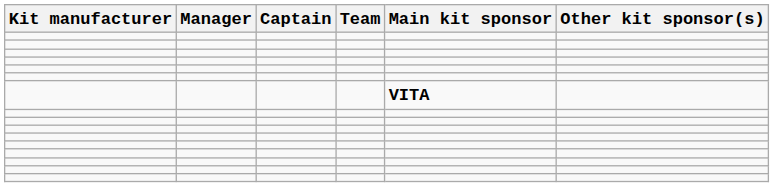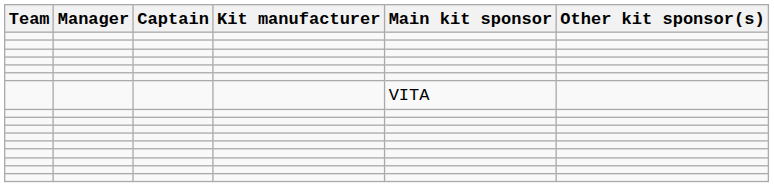 <table class="wikitable sortable">
 <tr>
-<th>Kit manufacturer</th>
+<th>Team</th>
 <th>Manager</th>
 <th>Captain</th>
-<th>Team</th>
+<th>Kit manufacturer</th>
 <th>Main kit sponsor</th>
 <th>Other kit sponsor(s)</th>
 </tr>
 <tr>
 <td></td>
 <td></td>
 <td></td>
 <td></td>
 <td></td>
 <td></td>
 </tr>
 <tr>
 <td></td>
 <td></td>
 <td></td>
 <td></td>
 <td></td>
 <td></td>
 </tr>
 <tr>
 <td></td>
 <td></td>
 <td></td>
 <td></td>
 <td></td>
 <td></td>
 </tr>
 <tr>
 <td></td>
 <td></td>
 <td></td>
 <td></td>
 <td></td>
 <td></td>
 </tr>
 <tr>
 <td></td>
 <td></td>
 <td></td>
 <td></td>
 <td></td>
 <td></td>
 </tr>
 <tr>
 <td></td>
 <td></td>
 <td></td>
 <td></td>
 <td></td>
 <td></td>
 </tr>
 <tr>
 <td></td>
 <td></td>
 <td></td>
 <td></td>
-<td><strong>VITA</strong></td>
+<td>VITA</td>
 <td></td>
 </tr>
 <tr>
 <td></td>
 <td></td>
 <td></td>
 <td></td>
 <td></td>
 <td></td>
 </tr>
 <tr>
 <td></td>
 <td></td>
 <td></td>
 <td></td>
 <td></td>
 <td></td>
 </tr>
 <tr>
 <td></td>
 <td></td>
 <td></td>
 <td></td>
 <td></td>
 <td></td>
 </tr>
 <tr>
 <td></td>
 <td></td>
 <td></td>
 <td></td>
 <td></td>
 <td></td>
 </tr>
 <tr>
 <td></td>
 <td></td>
 <td></td>
 <td></td>
 <td></td>
 <td></td>
 </tr>
 <tr>
 <td></td>
 <td></td>
 <td></td>
 <td></td>
 <td></td>
 <td></td>
 </tr>
 <tr>
 <td></td>
 <td></td>
 <td></td>
 <td></td>
 <td></td>
 <td></td>
 </tr>
 <tr>
 <td></td>
 <td></td>
 <td></td>
 <td></td>
 <td></td>
 <td></td>
 </tr>
 <tr>
 <td></td>
 <td></td>
 <td></td>
 <td></td>
 <td></td>
 <td></td>
 </tr>
 </table>
